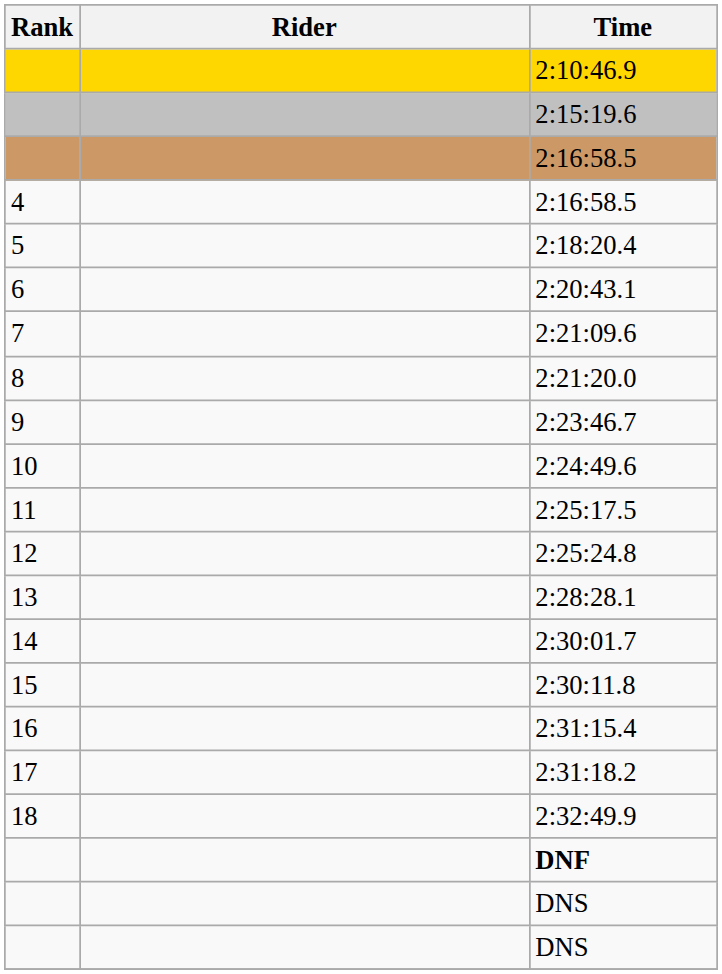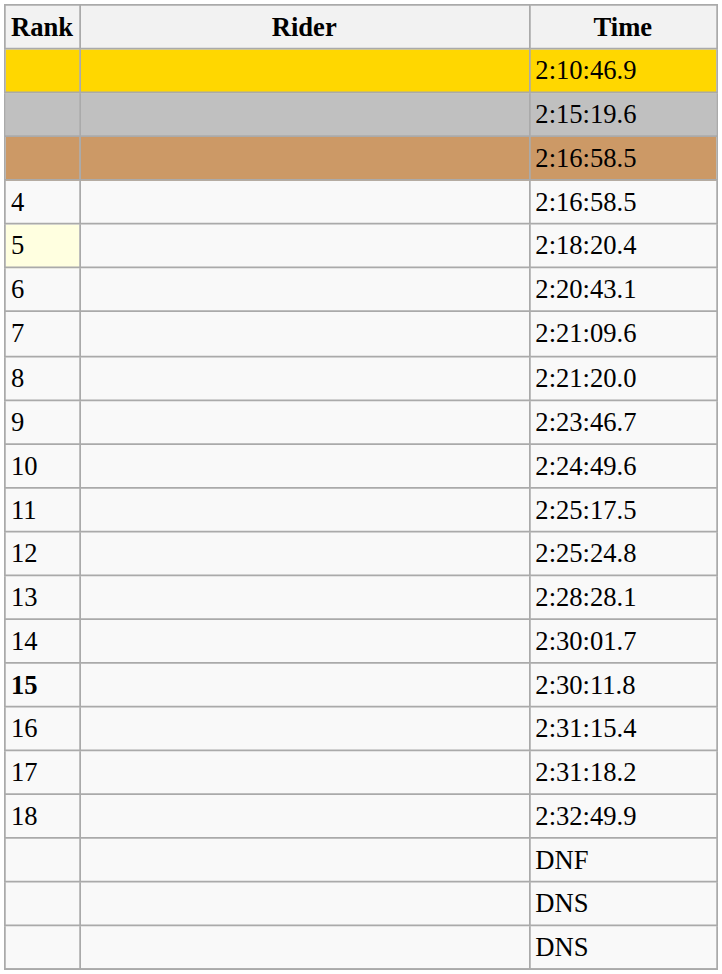 <table class="wikitable" style="font-size:95%" style="width:35em;" style="text-align:center">
 <tr>
 <th>Rank</th>
 <th width=250>Rider</th>
 <th width=100>Time</th>
 </tr>
 <tr bgcolor=gold>
 <td></td>
 <td align=left></td>
 <td>2:10:46.9</td>
 </tr>
 <tr bgcolor=silver>
 <td></td>
 <td align=left></td>
 <td>2:15:19.6</td>
 </tr>
 <tr bgcolor=cc9966>
 <td></td>
 <td align=left></td>
 <td>2:16:58.5</td>
 </tr>
 <tr>
 <td>4</td>
 <td align=left></td>
 <td>2:16:58.5</td>
 </tr>
 <tr>
-<td>5</td>
+<td style="background: lightyellow;">5</td>
 <td align=left></td>
 <td>2:18:20.4</td>
 </tr>
 <tr>
 <td>6</td>
 <td align=left></td>
 <td>2:20:43.1</td>
 </tr>
 <tr>
 <td>7</td>
 <td align=left></td>
 <td>2:21:09.6</td>
 </tr>
 <tr>
 <td>8</td>
 <td align=left></td>
 <td>2:21:20.0</td>
 </tr>
 <tr>
 <td>9</td>
 <td align=left></td>
 <td>2:23:46.7</td>
 </tr>
 <tr>
 <td>10</td>
 <td align=left></td>
 <td>2:24:49.6</td>
 </tr>
 <tr>
 <td>11</td>
 <td align=left></td>
 <td>2:25:17.5</td>
 </tr>
 <tr>
 <td>12</td>
 <td align=left></td>
 <td>2:25:24.8</td>
 </tr>
 <tr>
 <td>13</td>
 <td align=left></td>
 <td>2:28:28.1</td>
 </tr>
 <tr>
 <td>14</td>
 <td align=left></td>
 <td>2:30:01.7</td>
 </tr>
 <tr>
-<td>15</td>
+<td><strong>15</strong></td>
 <td align=left></td>
 <td>2:30:11.8</td>
 </tr>
 <tr>
 <td>16</td>
 <td align=left></td>
 <td>2:31:15.4</td>
 </tr>
 <tr>
 <td>17</td>
 <td align=left></td>
 <td>2:31:18.2</td>
 </tr>
 <tr>
 <td>18</td>
 <td align=left></td>
 <td>2:32:49.9</td>
 </tr>
 <tr>
 <td></td>
 <td align=left></td>
-<td><strong>DNF</strong></td>
+<td>DNF</td>
 </tr>
 <tr>
 <td></td>
 <td align=left></td>
 <td>DNS</td>
 </tr>
 <tr>
 <td></td>
 <td align=left></td>
 <td>DNS</td>
 </tr>
 <tr>
 </tr>
 </table>
